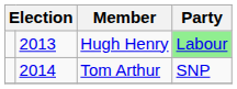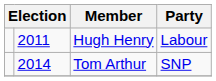 <table class="wikitable">
 <tr>
 <th colspan="2">Election</th>
 <th>Member</th>
 <th>Party</th>
 </tr>
 <tr>
 <td style="background-color: "></td>
-<td><a href='#'>2013</a></td>
+<td><a href='#'>2011</a></td>
 <td><a href='#'>Hugh Henry</a></td>
-<td style="background: lightgreen;"><a href='#'>Labour</a></td>
+<td><a href='#'>Labour</a></td>
 </tr>
 <tr>
 <td style="background-color: "></td>
 <td><a href='#'>2014</a></td>
 <td><a href='#'>Tom Arthur</a></td>
 <td><a href='#'>SNP</a></td>
 </tr>
 <tr>
 </tr>
 </table>
